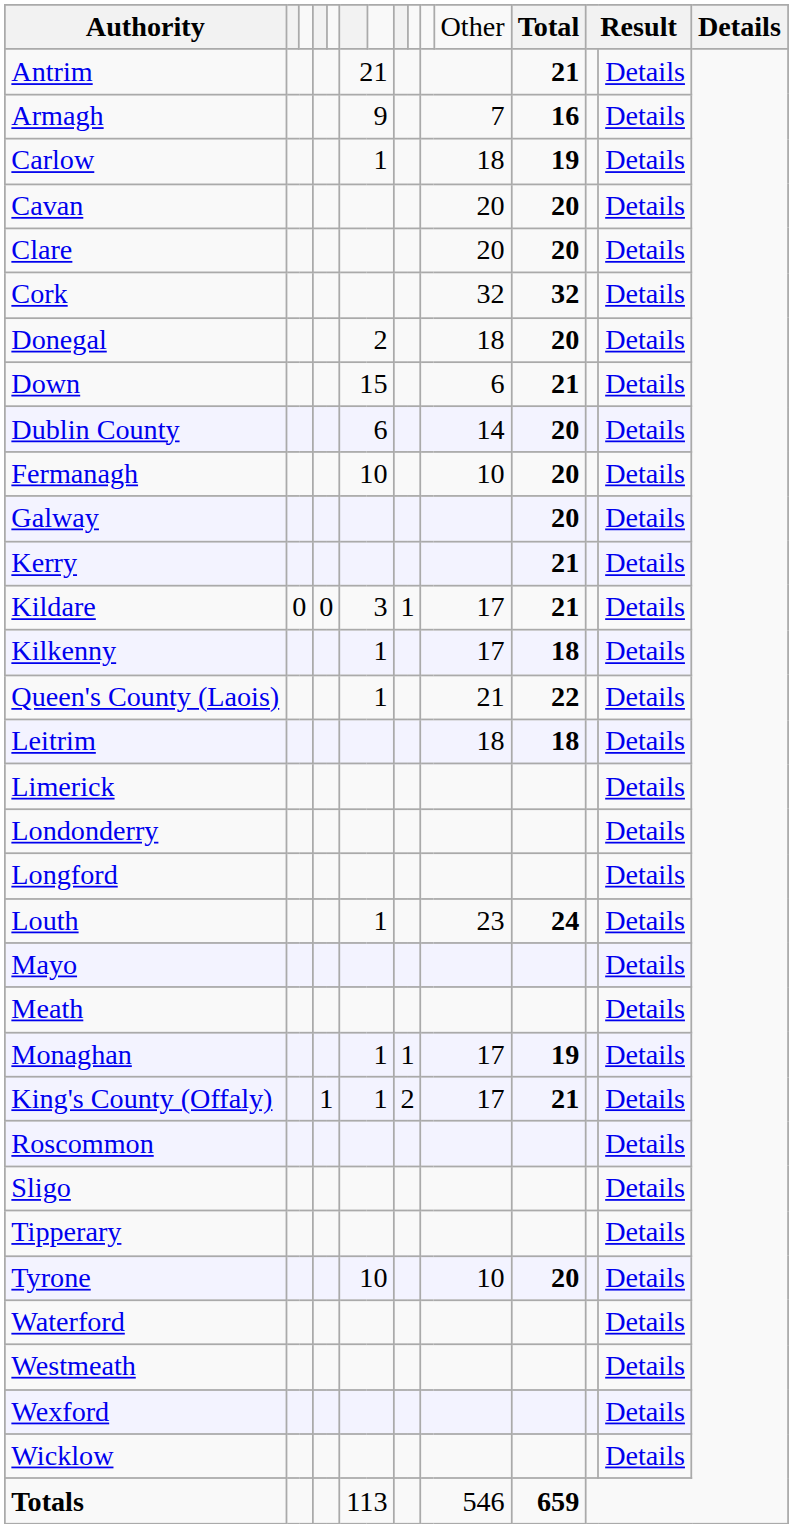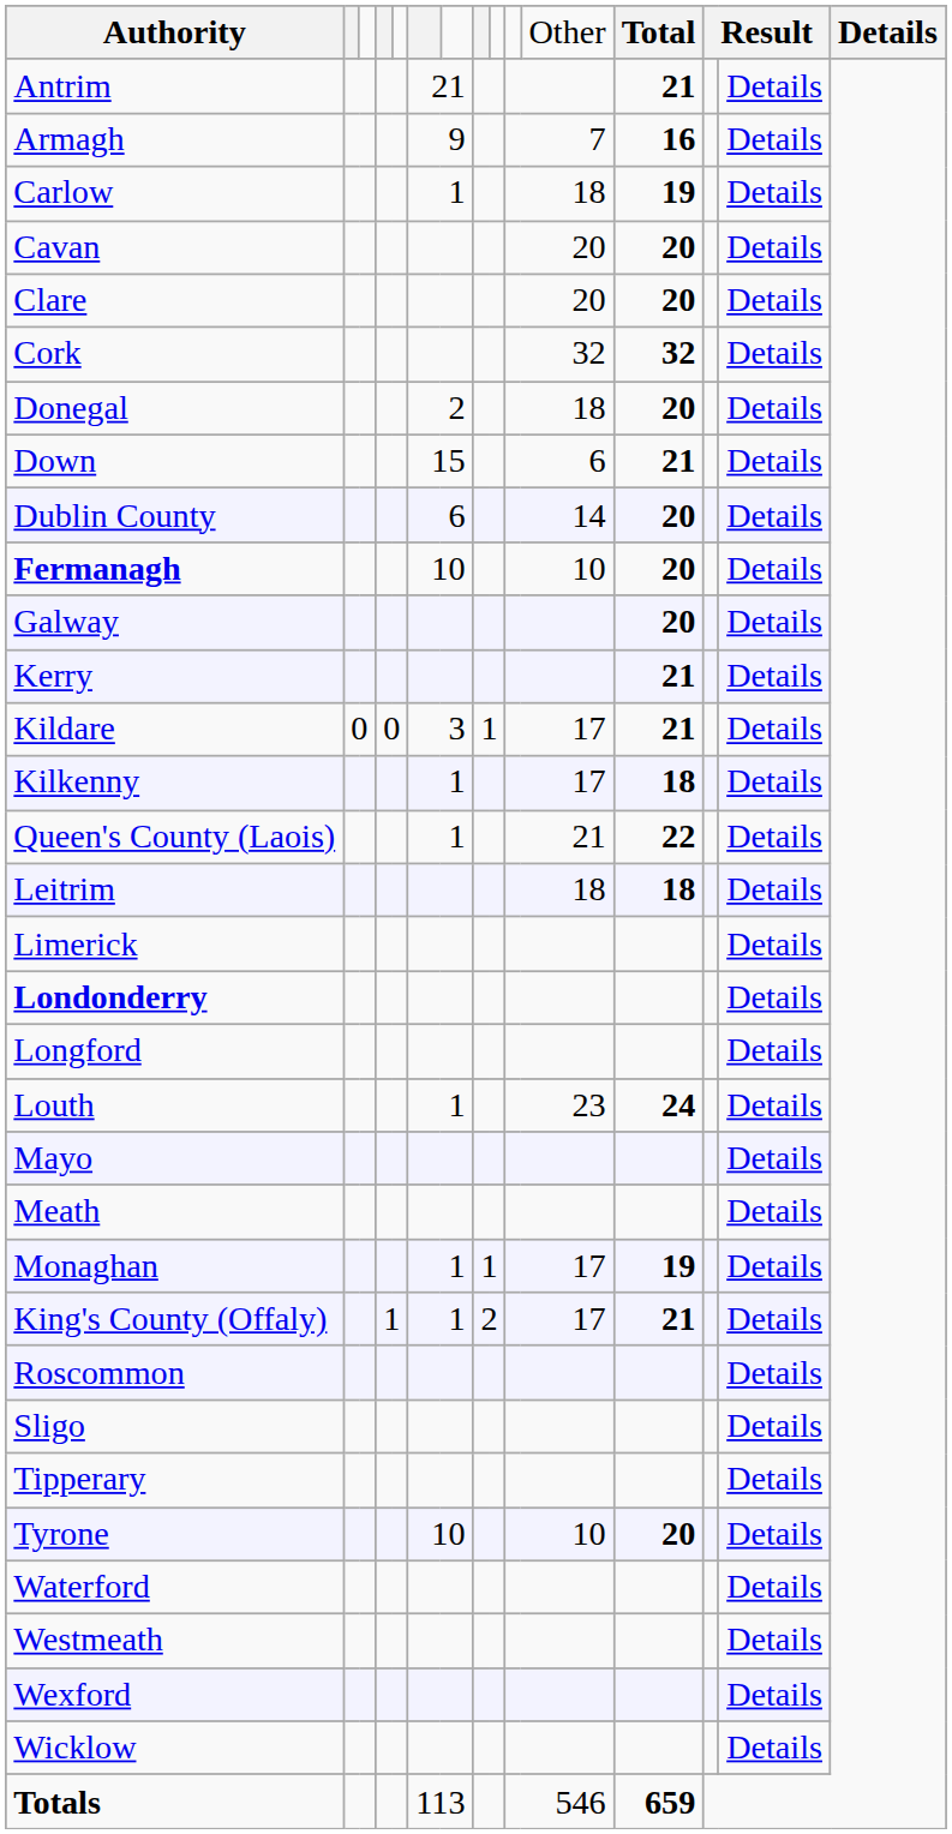 <table class="wikitable" style="text-align:right; padding-left:1em">
 <tr>
 <th align="left">Authority</th>
 <th style="background-color: "></th>
 <td><a href='#'></a></td>
 <th style="background-color: "></th>
 <td><a href='#'></a></td>
 <th style="background-color: "></th>
 <td><a href='#'></a></td>
 <th style="background-color: "></th>
 <td><a href='#'></a></td>
 <td></td>
 <td>Other</td>
 <th align="left">Total</th>
 <th colspan=2>Result</th>
 <th>Details</th>
 </tr>
 <tr>
 <td align=left><a href='#'>Antrim</a></td>
 <td colspan=2></td>
 <td colspan=2></td>
 <td colspan=2>21</td>
 <td colspan=2></td>
 <td colspan=2></td>
 <td><strong>21</strong></td>
 <td></td>
 <td><a href='#'>Details</a></td>
 </tr>
 <tr>
 <td align=left><a href='#'>Armagh</a></td>
 <td colspan=2></td>
 <td colspan=2></td>
 <td colspan=2>9</td>
 <td colspan=2></td>
 <td colspan=2>7</td>
 <td><strong>16</strong></td>
 <td></td>
 <td><a href='#'>Details</a></td>
 </tr>
 <tr>
 <td align=left><a href='#'>Carlow</a></td>
 <td colspan=2></td>
 <td colspan=2></td>
 <td colspan=2>1</td>
 <td colspan=2></td>
 <td colspan=2>18</td>
 <td><strong>19</strong></td>
 <td></td>
 <td><a href='#'>Details</a></td>
 </tr>
 <tr>
 <td align=left><a href='#'>Cavan</a></td>
 <td colspan=2></td>
 <td colspan=2></td>
 <td colspan=2></td>
 <td colspan=2></td>
 <td colspan=2>20</td>
 <td><strong>20</strong></td>
 <td></td>
 <td><a href='#'>Details</a></td>
 </tr>
 <tr>
 <td align=left><a href='#'>Clare</a></td>
 <td colspan=2></td>
 <td colspan=2></td>
 <td colspan=2></td>
 <td colspan=2></td>
 <td colspan=2>20</td>
 <td><strong>20</strong></td>
 <td></td>
 <td><a href='#'>Details</a></td>
 </tr>
 <tr>
 <td align=left><a href='#'>Cork</a></td>
 <td colspan=2></td>
 <td colspan=2></td>
 <td colspan=2></td>
 <td colspan=2></td>
 <td colspan=2>32</td>
 <td><strong>32</strong></td>
 <td></td>
 <td><a href='#'>Details</a></td>
 </tr>
 <tr>
 <td align=left><a href='#'>Donegal</a></td>
 <td colspan=2></td>
 <td colspan=2></td>
 <td colspan=2>2</td>
 <td colspan=2></td>
 <td colspan=2>18</td>
 <td><strong>20</strong></td>
 <td></td>
 <td><a href='#'>Details</a></td>
 </tr>
 <tr>
 <td align=left><a href='#'>Down</a></td>
 <td colspan=2></td>
 <td colspan=2></td>
 <td colspan=2>15</td>
 <td colspan=2></td>
 <td colspan=2>6</td>
 <td><strong>21</strong></td>
 <td></td>
 <td><a href='#'>Details</a></td>
 </tr>
 <tr bgcolor=F3F3FF>
 <td align=left><a href='#'>Dublin County</a></td>
 <td colspan=2></td>
 <td colspan=2></td>
 <td colspan=2>6</td>
 <td colspan=2></td>
 <td colspan=2>14</td>
 <td><strong>20</strong></td>
 <td></td>
 <td><a href='#'>Details</a></td>
 </tr>
 <tr>
-<td align=left><a href='#'>Fermanagh</a></td>
+<td align=left><strong><a href='#'>Fermanagh</a></strong></td>
 <td colspan=2></td>
 <td colspan=2></td>
 <td colspan=2>10</td>
 <td colspan=2></td>
 <td colspan=2>10</td>
 <td><strong>20</strong></td>
 <td></td>
 <td><a href='#'>Details</a></td>
 </tr>
 <tr bgcolor=F3F3FF>
 <td align=left><a href='#'>Galway</a></td>
 <td colspan=2></td>
 <td colspan=2></td>
 <td colspan=2></td>
 <td colspan=2></td>
 <td colspan=2></td>
 <td><strong>20</strong></td>
 <td></td>
 <td><a href='#'>Details</a></td>
 </tr>
 <tr bgcolor=F3F3FF>
 <td align=left><a href='#'>Kerry</a></td>
 <td colspan=2></td>
 <td colspan=2></td>
 <td colspan=2></td>
 <td colspan=2></td>
 <td colspan=2></td>
 <td><strong>21</strong></td>
 <td></td>
 <td><a href='#'>Details</a></td>
 </tr>
 <tr>
 <td align=left><a href='#'>Kildare</a></td>
 <td colspan=2>0</td>
 <td colspan=2>0</td>
 <td colspan=2>3</td>
 <td colspan=2>1</td>
 <td colspan=2>17</td>
 <td><strong>21</strong></td>
 <td></td>
 <td><a href='#'>Details</a></td>
 </tr>
 <tr bgcolor=F3F3FF>
 <td align=left><a href='#'>Kilkenny</a></td>
 <td colspan=2></td>
 <td colspan=2></td>
 <td colspan=2>1</td>
 <td colspan=2></td>
 <td colspan=2>17</td>
 <td><strong>18</strong></td>
 <td></td>
 <td><a href='#'>Details</a></td>
 </tr>
 <tr>
 <td align=left><a href='#'>Queen's County (Laois)</a></td>
 <td colspan=2></td>
 <td colspan=2></td>
 <td colspan=2>1</td>
 <td colspan=2></td>
 <td colspan=2>21</td>
 <td><strong>22</strong></td>
 <td></td>
 <td><a href='#'>Details</a></td>
 </tr>
 <tr bgcolor=F3F3FF>
 <td align=left><a href='#'>Leitrim</a></td>
 <td colspan=2></td>
 <td colspan=2></td>
 <td colspan=2></td>
 <td colspan=2></td>
 <td colspan=2>18</td>
 <td><strong>18</strong></td>
 <td></td>
 <td><a href='#'>Details</a></td>
 </tr>
 <tr>
 <td align=left><a href='#'>Limerick</a></td>
 <td colspan=2></td>
 <td colspan=2></td>
 <td colspan=2></td>
 <td colspan=2></td>
 <td colspan=2></td>
 <td></td>
 <td></td>
 <td><a href='#'>Details</a></td>
 </tr>
 <tr>
-<td align=left><a href='#'>Londonderry</a></td>
+<td align=left><strong><a href='#'>Londonderry</a></strong></td>
 <td colspan=2></td>
 <td colspan=2></td>
 <td colspan=2></td>
 <td colspan=2></td>
 <td colspan=2></td>
 <td></td>
 <td></td>
 <td><a href='#'>Details</a></td>
 </tr>
 <tr>
 <td align=left><a href='#'>Longford</a></td>
 <td colspan=2></td>
 <td colspan=2></td>
 <td colspan=2></td>
 <td colspan=2></td>
 <td colspan=2></td>
 <td></td>
 <td></td>
 <td><a href='#'>Details</a></td>
 </tr>
 <tr>
 <td align=left><a href='#'>Louth</a></td>
 <td colspan=2></td>
 <td colspan=2></td>
 <td colspan=2>1</td>
 <td colspan=2></td>
 <td colspan=2>23</td>
 <td><strong>24</strong></td>
 <td></td>
 <td><a href='#'>Details</a></td>
 </tr>
 <tr bgcolor=F3F3FF>
 <td align=left><a href='#'>Mayo</a></td>
 <td colspan=2></td>
 <td colspan=2></td>
 <td colspan=2></td>
 <td colspan=2></td>
 <td colspan=2></td>
 <td></td>
 <td></td>
 <td><a href='#'>Details</a></td>
 </tr>
 <tr>
 <td align=left><a href='#'>Meath</a></td>
 <td colspan=2></td>
 <td colspan=2></td>
 <td colspan=2></td>
 <td colspan=2></td>
 <td colspan=2></td>
 <td></td>
 <td></td>
 <td><a href='#'>Details</a></td>
 </tr>
 <tr bgcolor=F3F3FF>
 <td align=left><a href='#'>Monaghan</a></td>
 <td colspan=2></td>
 <td colspan=2></td>
 <td colspan=2>1</td>
 <td colspan=2>1</td>
 <td colspan=2>17</td>
 <td><strong>19</strong></td>
 <td></td>
 <td><a href='#'>Details</a></td>
 </tr>
 <tr bgcolor=F3F3FF>
 <td align=left><a href='#'>King's County (Offaly)</a></td>
 <td colspan=2></td>
 <td colspan=2>1</td>
 <td colspan=2>1</td>
 <td colspan=2>2</td>
 <td colspan=2>17</td>
 <td><strong>21</strong></td>
 <td></td>
 <td><a href='#'>Details</a></td>
 </tr>
 <tr bgcolor=F3F3FF>
 <td align=left><a href='#'>Roscommon</a></td>
 <td colspan=2></td>
 <td colspan=2></td>
 <td colspan=2></td>
 <td colspan=2></td>
 <td colspan=2></td>
 <td></td>
 <td></td>
 <td><a href='#'>Details</a></td>
 </tr>
 <tr>
 <td align=left><a href='#'>Sligo</a></td>
 <td colspan=2></td>
 <td colspan=2></td>
 <td colspan=2></td>
 <td colspan=2></td>
 <td colspan=2></td>
 <td></td>
 <td></td>
 <td><a href='#'>Details</a></td>
 </tr>
 <tr>
 <td align=left><a href='#'>Tipperary</a></td>
 <td colspan=2></td>
 <td colspan=2></td>
 <td colspan=2></td>
 <td colspan=2></td>
 <td colspan=2></td>
 <td></td>
 <td></td>
 <td><a href='#'>Details</a></td>
 </tr>
 <tr bgcolor=F3F3FF>
 <td align=left><a href='#'>Tyrone</a></td>
 <td colspan=2></td>
 <td colspan=2></td>
 <td colspan=2>10</td>
 <td colspan=2></td>
 <td colspan=2>10</td>
 <td><strong>20</strong></td>
 <td></td>
 <td><a href='#'>Details</a></td>
 </tr>
 <tr>
 <td align=left><a href='#'>Waterford</a></td>
 <td colspan=2></td>
 <td colspan=2></td>
 <td colspan=2></td>
 <td colspan=2></td>
 <td colspan=2></td>
 <td></td>
 <td></td>
 <td><a href='#'>Details</a></td>
 </tr>
 <tr>
 <td align=left><a href='#'>Westmeath</a></td>
 <td colspan=2></td>
 <td colspan=2></td>
 <td colspan=2></td>
 <td colspan=2></td>
 <td colspan=2></td>
 <td></td>
 <td></td>
 <td><a href='#'>Details</a></td>
 </tr>
 <tr bgcolor=F3F3FF>
 <td align=left><a href='#'>Wexford</a></td>
 <td colspan=2></td>
 <td colspan=2></td>
 <td colspan=2></td>
 <td colspan=2></td>
 <td colspan=2></td>
 <td></td>
 <td></td>
 <td><a href='#'>Details</a></td>
 </tr>
 <tr>
 <td align=left><a href='#'>Wicklow</a></td>
 <td colspan=2></td>
 <td colspan=2></td>
 <td colspan=2></td>
 <td colspan=2></td>
 <td colspan=2></td>
 <td></td>
 <td></td>
 <td><a href='#'>Details</a></td>
 </tr>
 <tr>
 <td align=left><strong>Totals</strong></td>
 <td colspan=2></td>
 <td colspan=2></td>
 <td colspan=2>113</td>
 <td colspan=2></td>
 <td colspan=2>546</td>
 <td><strong>659</strong></td>
 </tr>
 </table>
